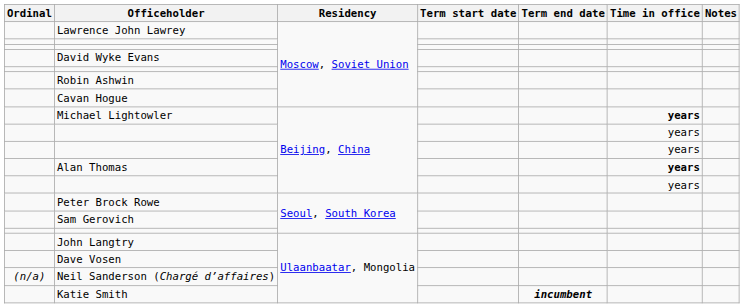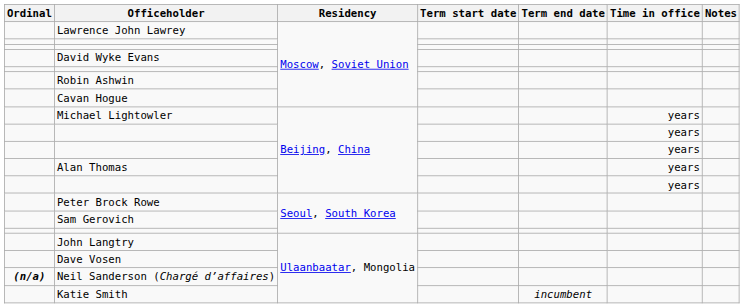 <table class='wikitable sortable'>
 <tr>
 <th>Ordinal</th>
 <th>Officeholder</th>
 <th>Residency</th>
 <th>Term start date</th>
 <th>Term end date</th>
 <th>Time in office</th>
 <th>Notes</th>
 </tr>
 <tr>
 <td align=center></td>
 <td>Lawrence John Lawrey</td>
 <td rowspan=7><a href='#'>Moscow</a>, <a href='#'>Soviet Union</a></td>
 <td align=center></td>
 <td align=center></td>
 <td align=right></td>
 <td></td>
 </tr>
 <tr>
 <td align=center></td>
 <td></td>
 <td align=center></td>
 <td align=center></td>
 <td align=right></td>
 <td></td>
 </tr>
 <tr>
 <td align=center></td>
 <td></td>
 <td align=center></td>
 <td align=center></td>
 <td align=right></td>
 <td></td>
 </tr>
 <tr>
 <td align=center></td>
 <td>David Wyke Evans</td>
 <td align=center></td>
 <td align=center></td>
 <td align=right></td>
 <td></td>
 </tr>
 <tr>
 <td align=center></td>
 <td></td>
 <td align=center></td>
 <td align=center></td>
 <td align=right></td>
 <td></td>
 </tr>
 <tr>
 <td align=center></td>
 <td>Robin Ashwin</td>
 <td align=center></td>
 <td align=center></td>
 <td align=right></td>
 <td></td>
 </tr>
 <tr>
 <td align=center></td>
 <td>Cavan Hogue</td>
 <td align=center></td>
 <td align=center></td>
 <td align=right></td>
 <td></td>
 </tr>
 <tr>
 <td align=center></td>
 <td>Michael Lightowler</td>
 <td rowspan=5><a href='#'>Beijing</a>, <a href='#'>China</a></td>
 <td align=center></td>
 <td align=center></td>
-<td align=right><strong> years</strong></td>
+<td align=right> years</td>
 <td></td>
 </tr>
 <tr>
 <td align=center></td>
 <td></td>
 <td align=center></td>
 <td align=center></td>
 <td align=right> years</td>
 <td></td>
 </tr>
 <tr>
 <td align=center></td>
 <td></td>
 <td align=center></td>
 <td align=center></td>
 <td align=right> years</td>
 <td></td>
 </tr>
 <tr>
 <td align=center></td>
 <td>Alan Thomas</td>
 <td align=center></td>
 <td align=center></td>
-<td align=right><strong> years</strong></td>
+<td align=right> years</td>
 <td></td>
 </tr>
 <tr>
 <td align=center></td>
 <td></td>
 <td align=center></td>
 <td align=center></td>
 <td align=right> years</td>
 <td></td>
 </tr>
 <tr>
 <td align=center></td>
 <td>Peter Brock Rowe</td>
 <td rowspan=3><a href='#'>Seoul</a>, <a href='#'>South Korea</a></td>
 <td align=center></td>
 <td align=center></td>
 <td align=right></td>
 <td></td>
 </tr>
 <tr>
 <td align=center></td>
 <td>Sam Gerovich</td>
 <td align=center></td>
 <td align=center></td>
 <td align=right></td>
 <td></td>
 </tr>
 <tr>
 <td align=center></td>
 <td></td>
 <td align=center></td>
 <td align=center></td>
 <td align=right></td>
 <td></td>
 </tr>
 <tr>
 <td align=center></td>
 <td>John Langtry</td>
 <td rowspan=4><a href='#'>Ulaanbaatar</a>, Mongolia</td>
 <td align=center></td>
 <td align=center></td>
 <td align=right></td>
 <td></td>
 </tr>
 <tr>
 <td align=center></td>
 <td>Dave Vosen</td>
 <td align=center></td>
 <td align=center></td>
 <td align=right></td>
 <td></td>
 </tr>
 <tr>
-<td align=center><em>(n/a)</em></td>
+<td align=center><strong><em>(n/a)</em></strong></td>
 <td>Neil Sanderson (<em>Chargé d’affaires</em>)</td>
 <td align=center></td>
 <td align=center></td>
 <td align=right></td>
 <td></td>
 </tr>
 <tr>
 <td align=center></td>
 <td>Katie Smith</td>
 <td align=center></td>
-<td align=center><strong><em>incumbent</em></strong></td>
+<td align=center><em>incumbent</em></td>
 <td align=right></td>
 <td></td>
 </tr>
 </table>
